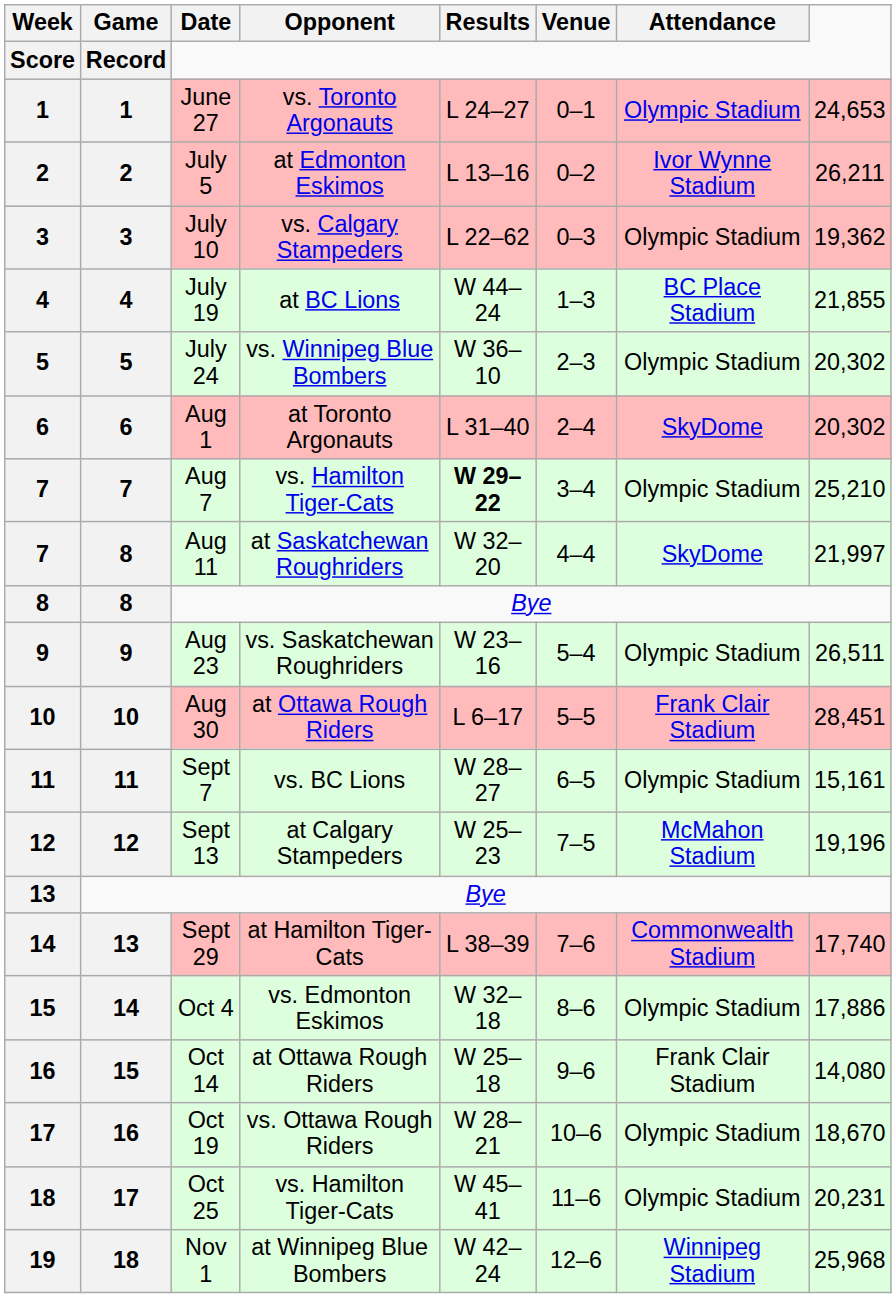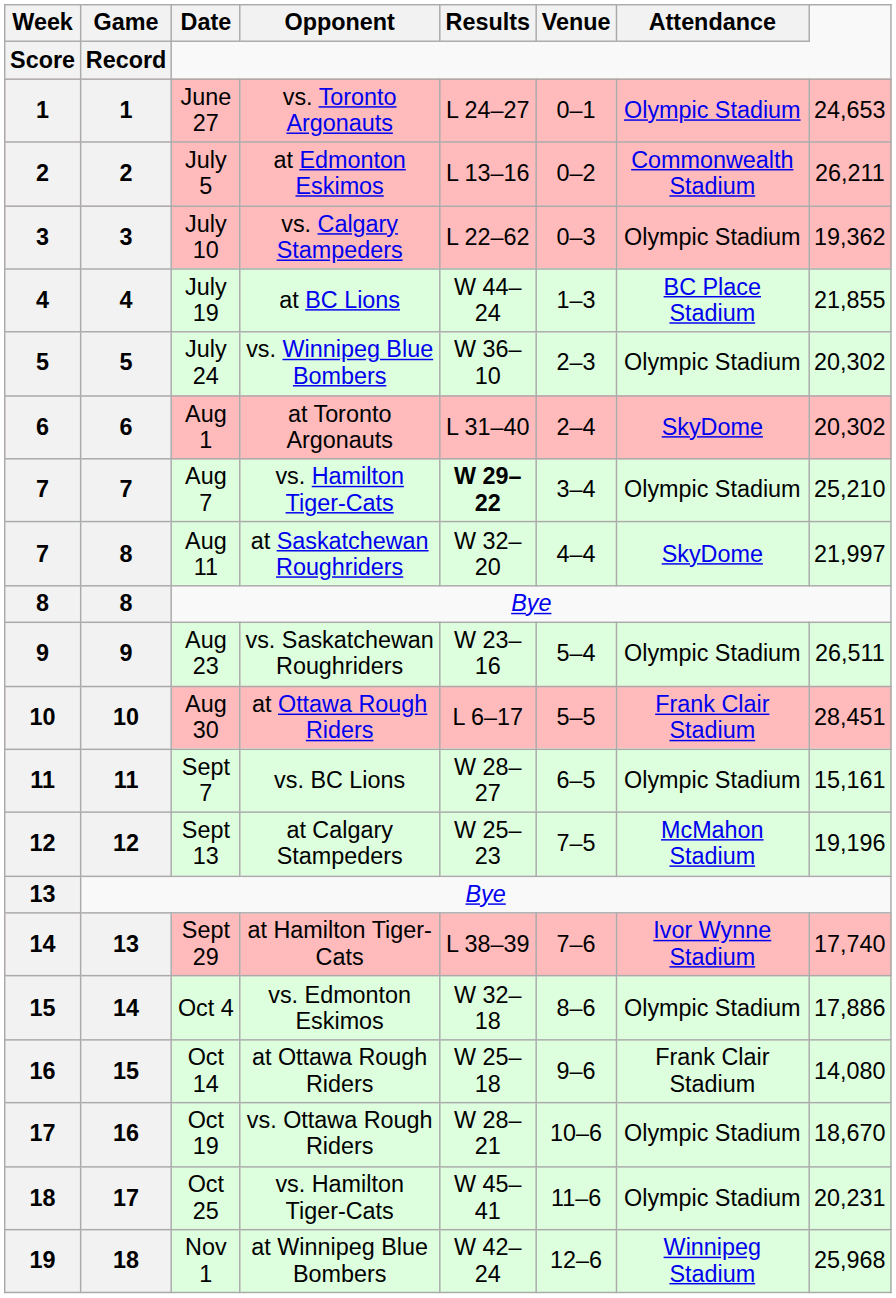 <table class="wikitable" style="text-align:center">
 <tr>
 <th>Week</th>
 <th>Game</th>
 <th>Date</th>
 <th>Opponent</th>
 <th>Results</th>
 <th>Venue</th>
 <th>Attendance</th>
 </tr>
 <tr>
 <th>Score</th>
 <th>Record</th>
 </tr>
 <tr style="background:#ffbbbb">
 <th>1</th>
 <th>1</th>
 <td>June 27</td>
 <td>vs. <a href='#'>Toronto Argonauts</a></td>
 <td>L 24–27</td>
 <td>0–1</td>
 <td><a href='#'>Olympic Stadium</a></td>
 <td>24,653</td>
 </tr>
 <tr style="background:#ffbbbb">
 <th>2</th>
 <th>2</th>
 <td>July 5</td>
 <td>at <a href='#'>Edmonton Eskimos</a></td>
 <td>L 13–16</td>
 <td>0–2</td>
-<td><a href='#'>Ivor Wynne Stadium</a></td>
+<td><a href='#'>Commonwealth Stadium</a></td>
 <td>26,211</td>
 </tr>
 <tr style="background:#ffbbbb">
 <th>3</th>
 <th>3</th>
 <td>July 10</td>
 <td>vs. <a href='#'>Calgary Stampeders</a></td>
 <td>L 22–62</td>
 <td>0–3</td>
 <td>Olympic Stadium</td>
 <td>19,362</td>
 </tr>
 <tr style="background:#ddffdd">
 <th>4</th>
 <th>4</th>
 <td>July 19</td>
 <td>at <a href='#'>BC Lions</a></td>
 <td>W 44–24</td>
 <td>1–3</td>
 <td><a href='#'>BC Place Stadium</a></td>
 <td>21,855</td>
 </tr>
 <tr style="background:#ddffdd">
 <th>5</th>
 <th>5</th>
 <td>July 24</td>
 <td>vs. <a href='#'>Winnipeg Blue Bombers</a></td>
 <td>W 36–10</td>
 <td>2–3</td>
 <td>Olympic Stadium</td>
 <td>20,302</td>
 </tr>
 <tr style="background:#ffbbbb">
 <th>6</th>
 <th>6</th>
 <td>Aug 1</td>
 <td>at Toronto Argonauts</td>
 <td>L 31–40</td>
 <td>2–4</td>
 <td><a href='#'>SkyDome</a></td>
 <td>20,302</td>
 </tr>
 <tr style="background:#ddffdd">
 <th>7</th>
 <th>7</th>
 <td>Aug 7</td>
 <td>vs. <a href='#'>Hamilton Tiger-Cats</a></td>
 <td><strong>W 29–22</strong></td>
 <td>3–4</td>
 <td>Olympic Stadium</td>
 <td>25,210</td>
 </tr>
 <tr style="background:#ddffdd">
 <th>7</th>
 <th>8</th>
 <td>Aug 11</td>
 <td>at <a href='#'>Saskatchewan Roughriders</a></td>
 <td>W 32–20</td>
 <td>4–4</td>
 <td><a href='#'>SkyDome</a></td>
 <td>21,997</td>
 </tr>
 <tr>
 <th>8</th>
 <th>8</th>
 <td colspan="7"><em><a href='#'>Bye</a></em></td>
 </tr>
 <tr style="background:#ddffdd">
 <th>9</th>
 <th>9</th>
 <td>Aug 23</td>
 <td>vs. Saskatchewan Roughriders</td>
 <td>W 23–16</td>
 <td>5–4</td>
 <td>Olympic Stadium</td>
 <td>26,511</td>
 </tr>
 <tr style="background:#ffbbbb">
 <th>10</th>
 <th>10</th>
 <td>Aug 30</td>
 <td>at <a href='#'>Ottawa Rough Riders</a></td>
 <td>L 6–17</td>
 <td>5–5</td>
 <td><a href='#'>Frank Clair Stadium</a></td>
 <td>28,451</td>
 </tr>
 <tr style="background:#ddffdd">
 <th>11</th>
 <th>11</th>
 <td>Sept 7</td>
 <td>vs. BC Lions</td>
 <td>W 28–27</td>
 <td>6–5</td>
 <td>Olympic Stadium</td>
 <td>15,161</td>
 </tr>
 <tr style="background:#ddffdd">
 <th>12</th>
 <th>12</th>
 <td>Sept 13</td>
 <td>at Calgary Stampeders</td>
 <td>W 25–23</td>
 <td>7–5</td>
 <td><a href='#'>McMahon Stadium</a></td>
 <td>19,196</td>
 </tr>
 <tr>
 <th>13</th>
 <td colspan="7"><em><a href='#'>Bye</a></em></td>
 </tr>
 <tr style="background:#ffbbbb">
 <th>14</th>
 <th>13</th>
 <td>Sept 29</td>
 <td>at Hamilton Tiger-Cats</td>
 <td>L 38–39</td>
 <td>7–6</td>
-<td><a href='#'>Commonwealth Stadium</a></td>
+<td><a href='#'>Ivor Wynne Stadium</a></td>
 <td>17,740</td>
 </tr>
 <tr style="background:#ddffdd">
 <th>15</th>
 <th>14</th>
 <td>Oct 4</td>
 <td>vs. Edmonton Eskimos</td>
 <td>W 32–18</td>
 <td>8–6</td>
 <td>Olympic Stadium</td>
 <td>17,886</td>
 </tr>
 <tr style="background:#ddffdd">
 <th>16</th>
 <th>15</th>
 <td>Oct 14</td>
 <td>at Ottawa Rough Riders</td>
 <td>W 25–18</td>
 <td>9–6</td>
 <td>Frank Clair Stadium</td>
 <td>14,080</td>
 </tr>
 <tr style="background:#ddffdd">
 <th>17</th>
 <th>16</th>
 <td>Oct 19</td>
 <td>vs. Ottawa Rough Riders</td>
 <td>W 28–21</td>
 <td>10–6</td>
 <td>Olympic Stadium</td>
 <td>18,670</td>
 </tr>
 <tr style="background:#ddffdd">
 <th>18</th>
 <th>17</th>
 <td>Oct 25</td>
 <td>vs. Hamilton Tiger-Cats</td>
 <td>W 45–41</td>
 <td>11–6</td>
 <td>Olympic Stadium</td>
 <td>20,231</td>
 </tr>
 <tr style="background:#ddffdd">
 <th>19</th>
 <th>18</th>
 <td>Nov 1</td>
 <td>at Winnipeg Blue Bombers</td>
 <td>W 42–24</td>
 <td>12–6</td>
 <td><a href='#'>Winnipeg Stadium</a></td>
 <td>25,968</td>
 </tr>
 </table>
